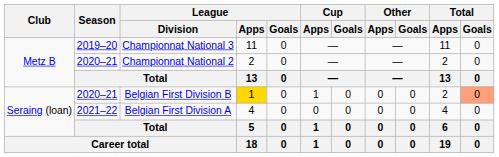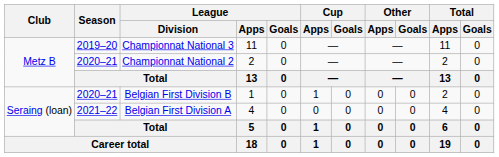 <table class="wikitable" style="text-align: center">
 <tr>
 <th rowspan="2">Club</th>
 <th rowspan="2">Season</th>
 <th colspan="3">League</th>
 <th colspan="2">Cup</th>
 <th colspan="2">Other</th>
 <th colspan="2">Total</th>
 </tr>
 <tr>
 <th>Division</th>
 <th>Apps</th>
 <th>Goals</th>
 <th>Apps</th>
 <th>Goals</th>
 <th>Apps</th>
 <th>Goals</th>
 <th>Apps</th>
 <th>Goals</th>
 </tr>
 <tr>
 <td rowspan="3"><a href='#'>Metz B</a></td>
 <td><a href='#'>2019–20</a></td>
 <td><a href='#'>Championnat National 3</a></td>
 <td>11</td>
 <td>0</td>
 <td colspan="2">—</td>
 <td colspan="2">—</td>
 <td>11</td>
 <td>0</td>
 </tr>
 <tr>
 <td><a href='#'>2020–21</a></td>
 <td><a href='#'>Championnat National 2</a></td>
 <td>2</td>
 <td>0</td>
 <td colspan="2">—</td>
 <td colspan="2">—</td>
 <td>2</td>
 <td>0</td>
 </tr>
 <tr>
 <th colspan="2"><strong>Total</strong></th>
 <th>13</th>
 <th>0</th>
 <th colspan="2">—</th>
 <th colspan="2">—</th>
 <th>13</th>
 <th>0</th>
 </tr>
 <tr>
 <td rowspan="3"><a href='#'>Seraing</a> (loan)</td>
 <td><a href='#'>2020–21</a></td>
 <td><a href='#'>Belgian First Division B</a></td>
-<td style="background: gold;">1</td>
+<td>1</td>
 <td>0</td>
 <td>1</td>
 <td>0</td>
 <td>0</td>
 <td>0</td>
 <td>2</td>
-<td style="background: lightsalmon;">0</td>
+<td>0</td>
 </tr>
 <tr>
 <td><a href='#'>2021–22</a></td>
 <td><a href='#'>Belgian First Division A</a></td>
 <td>4</td>
 <td>0</td>
 <td>0</td>
 <td>0</td>
 <td>0</td>
 <td>0</td>
 <td>4</td>
 <td>0</td>
 </tr>
 <tr>
 <th colspan="2">Total</th>
 <th>5</th>
 <th>0</th>
 <th>1</th>
 <th>0</th>
 <th>0</th>
 <th>0</th>
 <th>6</th>
 <th>0</th>
 </tr>
 <tr>
 <th colspan="3"><strong>Career total</strong></th>
 <th>18</th>
 <th>0</th>
 <th>1</th>
 <th>0</th>
 <th>0</th>
 <th>0</th>
 <th>19</th>
 <th>0</th>
 </tr>
 </table>
